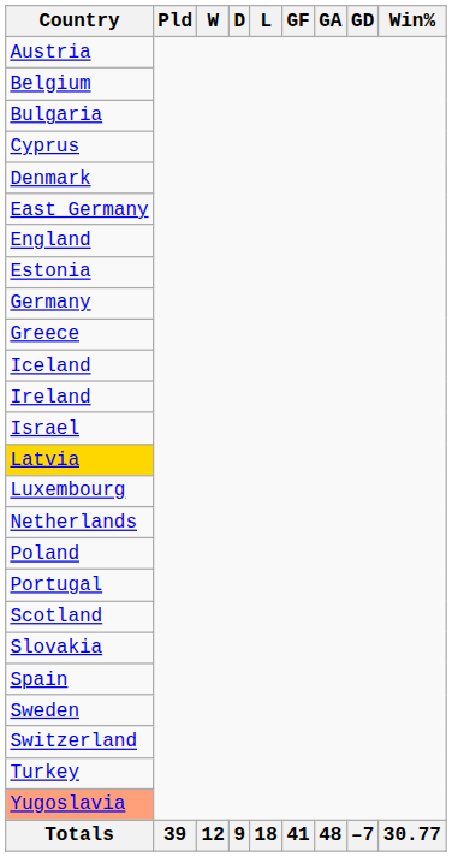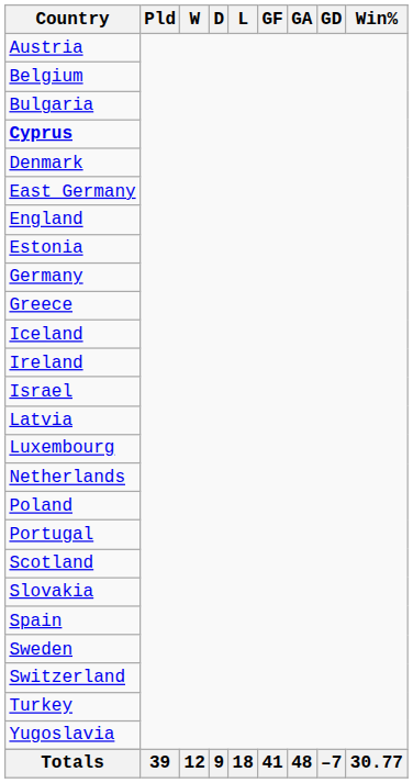 <table class="wikitable sortable" style="text-align:center">
 <tr>
 <th>Country</th>
 <th>Pld</th>
 <th>W</th>
 <th>D</th>
 <th>L</th>
 <th>GF</th>
 <th>GA</th>
 <th>GD</th>
 <th>Win%</th>
 </tr>
 <tr>
 <td align=left> <a href='#'>Austria</a><br></td>
 </tr>
 <tr>
 <td align=left> <a href='#'>Belgium</a><br></td>
 </tr>
 <tr>
 <td align=left> <a href='#'>Bulgaria</a><br></td>
 </tr>
 <tr>
-<td align=left> <a href='#'>Cyprus</a><br></td>
+<td align=left><strong> <a href='#'>Cyprus</a><br></strong></td>
 </tr>
 <tr>
 <td align=left> <a href='#'>Denmark</a><br></td>
 </tr>
 <tr>
 <td align=left> <a href='#'>East Germany</a><br></td>
 </tr>
 <tr>
 <td align=left> <a href='#'>England</a><br></td>
 </tr>
 <tr>
 <td align=left> <a href='#'>Estonia</a><br></td>
 </tr>
 <tr>
 <td align=left> <a href='#'>Germany</a><br></td>
 </tr>
 <tr>
 <td align=left> <a href='#'>Greece</a><br></td>
 </tr>
 <tr>
 <td align=left> <a href='#'>Iceland</a><br></td>
 </tr>
 <tr>
 <td align=left> <a href='#'>Ireland</a><br></td>
 </tr>
 <tr>
 <td align=left> <a href='#'>Israel</a><br></td>
 </tr>
 <tr>
-<td align=left style="background: gold;"> <a href='#'>Latvia</a><br></td>
+<td align=left> <a href='#'>Latvia</a><br></td>
 </tr>
 <tr>
 <td align=left> <a href='#'>Luxembourg</a><br></td>
 </tr>
 <tr>
 <td align=left> <a href='#'>Netherlands</a><br></td>
 </tr>
 <tr>
 <td align=left> <a href='#'>Poland</a><br></td>
 </tr>
 <tr>
 <td align=left> <a href='#'>Portugal</a><br></td>
 </tr>
 <tr>
 <td align=left> <a href='#'>Scotland</a><br></td>
 </tr>
 <tr>
 <td align=left> <a href='#'>Slovakia</a><br></td>
 </tr>
 <tr>
 <td align=left> <a href='#'>Spain</a><br></td>
 </tr>
 <tr>
 <td align=left> <a href='#'>Sweden</a><br></td>
 </tr>
 <tr>
 <td align=left> <a href='#'>Switzerland</a><br></td>
 </tr>
 <tr>
 <td align=left> <a href='#'>Turkey</a><br></td>
 </tr>
 <tr>
-<td align=left style="background: lightsalmon;"> <a href='#'>Yugoslavia</a><br></td>
+<td align=left> <a href='#'>Yugoslavia</a><br></td>
 </tr>
 <tr>
 </tr>
 <tr class="sortbottom">
 <th>Totals</th>
 <th><strong>39</strong></th>
 <th><strong>12</strong></th>
 <th><strong>9</strong></th>
 <th><strong>18</strong></th>
 <th><strong>41</strong></th>
 <th><strong>48</strong></th>
 <th><strong>–7</strong></th>
 <th><strong>30.77</strong></th>
 </tr>
 </table>
